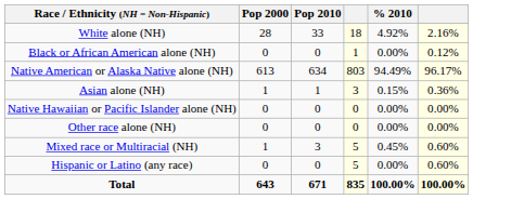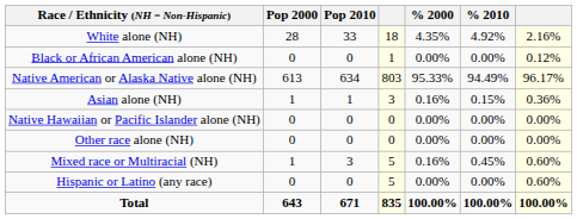 <table class="wikitable" style="text-align:center;">
 <tr>
 <th>Race / Ethnicity <small>(<em>NH = Non-Hispanic</em>)</small></th>
 <th>Pop 2000</th>
 <th>Pop 2010</th>
 <th></th>
+<th>% 2000</th>
 <th>% 2010</th>
 <th></th>
 </tr>
 <tr>
 <td><a href='#'>White</a> alone (NH)</td>
 <td>28</td>
 <td>33</td>
 <td style='background: #ffffe6;'>18</td>
+<td>4.35%</td>
 <td>4.92%</td>
 <td style='background: #ffffe6;'>2.16%</td>
 </tr>
 <tr>
 <td><a href='#'>Black or African American</a> alone (NH)</td>
 <td>0</td>
 <td>0</td>
 <td style='background: #ffffe6;'>1</td>
 <td>0.00%</td>
+<td>0.00%</td>
 <td style='background: #ffffe6;'>0.12%</td>
 </tr>
 <tr>
 <td><a href='#'>Native American</a> or <a href='#'>Alaska Native</a> alone (NH)</td>
 <td>613</td>
 <td>634</td>
 <td style='background: #ffffe6;'>803</td>
+<td>95.33%</td>
 <td>94.49%</td>
 <td style='background: #ffffe6;'>96.17%</td>
 </tr>
 <tr>
 <td><a href='#'>Asian</a> alone (NH)</td>
 <td>1</td>
 <td>1</td>
 <td style='background: #ffffe6;'>3</td>
+<td>0.16%</td>
 <td>0.15%</td>
 <td style='background: #ffffe6;'>0.36%</td>
 </tr>
 <tr>
 <td><a href='#'>Native Hawaiian</a> or <a href='#'>Pacific Islander</a> alone (NH)</td>
 <td>0</td>
 <td>0</td>
 <td style='background: #ffffe6;'>0</td>
 <td>0.00%</td>
+<td>0.00%</td>
 <td style='background: #ffffe6;'>0.00%</td>
 </tr>
 <tr>
 <td><a href='#'>Other race</a> alone (NH)</td>
 <td>0</td>
 <td>0</td>
 <td style='background: #ffffe6;'>0</td>
 <td>0.00%</td>
+<td>0.00%</td>
 <td style='background: #ffffe6;'>0.00%</td>
 </tr>
 <tr>
 <td><a href='#'>Mixed race or Multiracial</a> (NH)</td>
 <td>1</td>
 <td>3</td>
 <td style='background: #ffffe6;'>5</td>
+<td>0.16%</td>
 <td>0.45%</td>
 <td style='background: #ffffe6;'>0.60%</td>
 </tr>
 <tr>
 <td><a href='#'>Hispanic or Latino</a> (any race)</td>
 <td>0</td>
 <td>0</td>
 <td style='background: #ffffe6;'>5</td>
 <td>0.00%</td>
+<td>0.00%</td>
 <td style='background: #ffffe6;'>0.60%</td>
 </tr>
 <tr>
 <td><strong>Total</strong></td>
 <td><strong>643</strong></td>
 <td><strong>671</strong></td>
 <td style='background: #ffffe6;'><strong>835</strong></td>
 <td><strong>100.00%</strong></td>
+<td><strong>100.00%</strong></td>
 <td style='background: #ffffe6;'><strong>100.00%</strong></td>
 </tr>
 </table>
